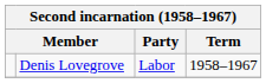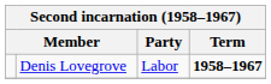 <table class="wikitable">
 <tr>
 <th colspan="4">Second incarnation (1958–1967)</th>
 </tr>
 <tr>
 <th colspan="2">Member</th>
 <th>Party</th>
 <th>Term</th>
 </tr>
 <tr>
 <td> </td>
 <td><a href='#'>Denis Lovegrove</a>  </td>
 <td><a href='#'>Labor</a>  </td>
-<td>1958–1967</td>
+<td><strong>1958–1967</strong></td>
 </tr>
 <tr>
 </tr>
 </table>
